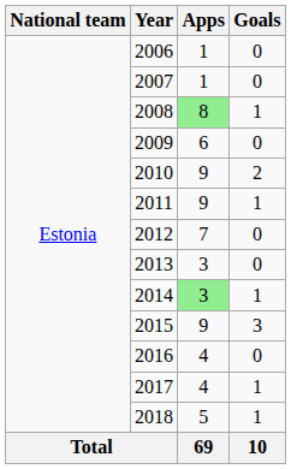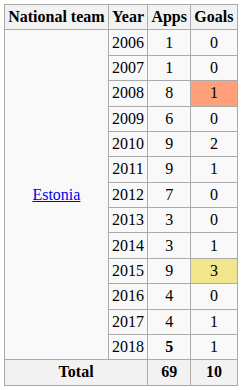 <table class="wikitable" style="text-align:center;">
 <tr>
 <th>National team</th>
 <th>Year</th>
 <th>Apps</th>
 <th>Goals</th>
 </tr>
 <tr>
 <td rowspan=14><a href='#'>Estonia</a></td>
 </tr>
 <tr>
 <td>2006</td>
 <td>1</td>
 <td>0</td>
 </tr>
 <tr>
 <td>2007</td>
 <td>1</td>
 <td>0</td>
 </tr>
 <tr>
 <td>2008</td>
-<td style="background: lightgreen;">8</td>
-<td>1</td>
+<td>8</td>
+<td style="background: lightsalmon;">1</td>
 </tr>
 <tr>
 <td>2009</td>
 <td>6</td>
 <td>0</td>
 </tr>
 <tr>
 <td>2010</td>
 <td>9</td>
 <td>2</td>
 </tr>
 <tr>
 <td>2011</td>
 <td>9</td>
 <td>1</td>
 </tr>
 <tr>
 <td>2012</td>
 <td>7</td>
 <td>0</td>
 </tr>
 <tr>
 <td>2013</td>
 <td>3</td>
 <td>0</td>
 </tr>
 <tr>
 <td>2014</td>
-<td style="background: lightgreen;">3</td>
+<td>3</td>
 <td>1</td>
 </tr>
 <tr>
 <td>2015</td>
 <td>9</td>
-<td>3</td>
+<td style="background: khaki;">3</td>
 </tr>
 <tr>
 <td>2016</td>
 <td>4</td>
 <td>0</td>
 </tr>
 <tr>
 <td>2017</td>
 <td>4</td>
 <td>1</td>
 </tr>
 <tr>
 <td>2018</td>
-<td>5</td>
+<td><strong>5</strong></td>
 <td>1</td>
 </tr>
 <tr>
 <th colspan=2>Total</th>
 <th>69</th>
 <th>10</th>
 </tr>
 </table>
